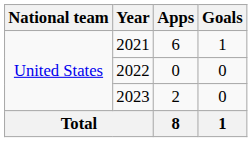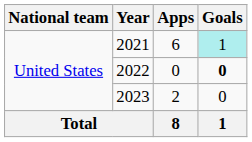 <table class="wikitable" style="text-align:center">
 <tr>
 <th>National team</th>
 <th>Year</th>
 <th>Apps</th>
 <th>Goals</th>
 </tr>
 <tr>
 <td rowspan="3"><a href='#'>United States</a></td>
 <td>2021</td>
 <td>6</td>
-<td>1</td>
+<td style="background: paleturquoise;">1</td>
 </tr>
 <tr>
 <td>2022</td>
 <td>0</td>
-<td>0</td>
+<td><strong>0</strong></td>
 </tr>
 <tr>
 <td>2023</td>
 <td>2</td>
 <td>0</td>
 </tr>
 <tr>
 <th colspan="2">Total</th>
 <th>8</th>
 <th>1</th>
 </tr>
 </table>
